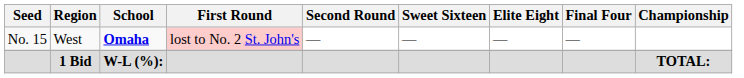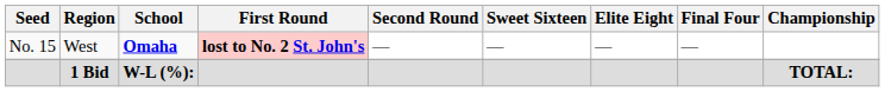 <table class="sortable wikitable" style="white-space:nowrap; font-size:100%;">
 <tr>
 <th>Seed</th>
 <th>Region</th>
 <th>School</th>
 <th>First Round</th>
 <th>Second Round</th>
 <th>Sweet Sixteen</th>
 <th>Elite Eight</th>
 <th>Final Four</th>
 <th>Championship</th>
 </tr>
 <tr>
 <td>No. 15</td>
 <td>West</td>
 <td><strong><a href='#'>Omaha</a></strong></td>
-<td style="background:#fcc;">lost to No. 2 <a href='#'>St. John's</a></td>
+<td style="background:#fcc;"><strong>lost to No. 2 <a href='#'>St. John's</a></strong></td>
 <td style="background:#fff;">—</td>
 <td style="background:#fff;">—</td>
 <td style="background:#fff;">—</td>
 <td style="background:#fff;">—</td>
 <td style="background:#fff;"></td>
 </tr>
 <tr>
 </tr>
 <tr class="sortbottom" style="text-align:center; background:#ddd;">
 <td></td>
 <td><strong>1 Bid</strong></td>
 <td><strong>W-L (%):</strong></td>
 <td></td>
 <td></td>
 <td></td>
 <td></td>
 <td></td>
 <td><strong>TOTAL:</strong> </td>
 </tr>
 </table>
